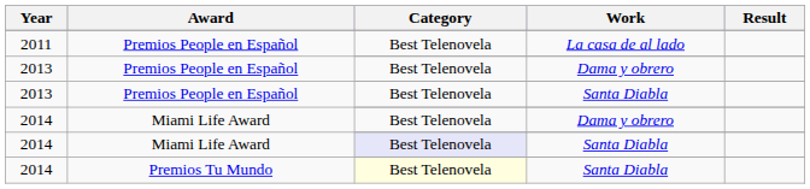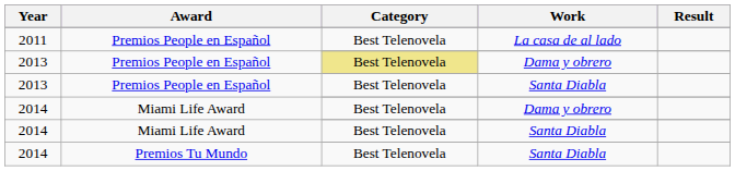 <table class="wikitable" width=800px>
 <tr style="background:#96c; text-align:center;">
 <th>Year</th>
 <th>Award</th>
 <th>Category</th>
 <th>Work</th>
 <th>Result</th>
 </tr>
 <tr>
 </tr>
 <tr style="text-align: center;">
 <td style="text-align: center; top" rowspan="2">2011</td>
 <td style="text-align: center; top" rowspan="2"><a href='#'>Premios People en Español</a></td>
 </tr>
 <tr style="text-align: center; top">
 <td rowspan="1">Best Telenovela</td>
 <td><em><a href='#'>La casa de al lado</a></em></td>
 <td></td>
 </tr>
 <tr style="text-align: center;">
 <td style="text-align: center; top" rowspan="2">2013</td>
 <td style="text-align: center; top" rowspan="2"><a href='#'>Premios People en Español</a></td>
 </tr>
 <tr style="text-align: center; top">
-<td>Best Telenovela</td>
+<td style="background: khaki;">Best Telenovela</td>
 <td><em><a href='#'>Dama y obrero</a></em></td>
 <td></td>
 </tr>
 <tr style="text-align: center;">
 <td style="text-align: center; top" rowspan="2">2013</td>
 <td style="text-align: center; top" rowspan="2"><a href='#'>Premios People en Español</a></td>
 </tr>
 <tr style="text-align: center; top">
 <td>Best Telenovela</td>
 <td><em><a href='#'>Santa Diabla</a></em></td>
 <td></td>
 </tr>
 <tr style="text-align: center;">
 <td style="text-align: center; top" rowspan="2">2014</td>
 <td style="text-align: center; top" rowspan="2">Miami Life Award</td>
 </tr>
 <tr style="text-align: center; top">
 <td>Best Telenovela</td>
 <td><em><a href='#'>Dama y obrero</a></em></td>
 <td></td>
 </tr>
 <tr style="text-align: center;">
 <td style="text-align: center; top" rowspan="2">2014</td>
 <td style="text-align: center; top" rowspan="2">Miami Life Award</td>
 </tr>
 <tr style="text-align: center; top">
-<td style="background: lavender;">Best Telenovela</td>
+<td>Best Telenovela</td>
 <td><em><a href='#'>Santa Diabla</a></em></td>
 <td></td>
 </tr>
 <tr style="text-align: center;">
 <td style="text-align: center; top" rowspan="2">2014</td>
 <td style="text-align: center; top" rowspan="2"><a href='#'>Premios Tu Mundo</a></td>
 </tr>
 <tr style="text-align: center;">
-<td style="background: lightyellow;">Best Telenovela</td>
+<td>Best Telenovela</td>
 <td><em><a href='#'>Santa Diabla</a></em></td>
 <td></td>
 </tr>
 </table>
